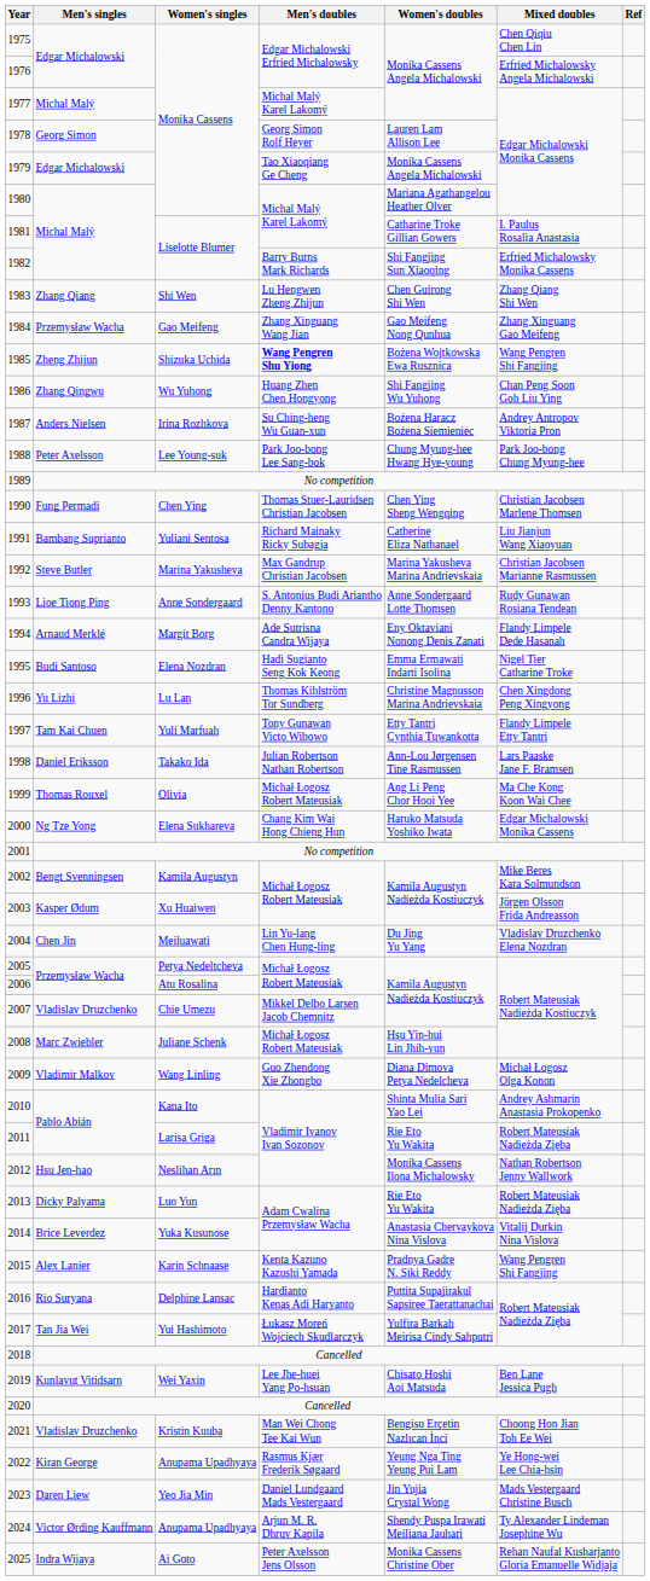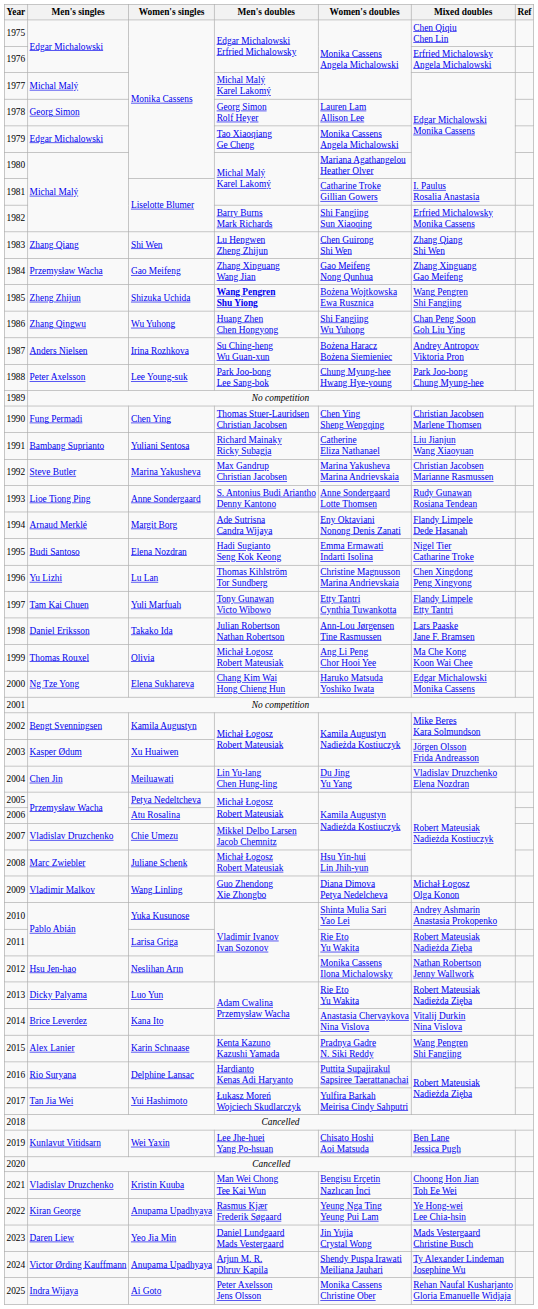 <table class=wikitable style="font-size:90%;">
 <tr>
 <th>Year</th>
 <th>Men's singles</th>
 <th>Women's singles</th>
 <th>Men's doubles</th>
 <th>Women's doubles</th>
 <th>Mixed doubles</th>
 <th>Ref</th>
 </tr>
 <tr>
 <td>1975</td>
 <td rowspan=2> <a href='#'>Edgar Michalowski</a></td>
 <td rowspan=6> <a href='#'>Monika Cassens</a></td>
 <td rowspan=2> <a href='#'>Edgar Michalowski</a><br> <a href='#'>Erfried Michalowsky</a></td>
 <td rowspan=3> <a href='#'>Monika Cassens</a><br> <a href='#'>Angela Michalowski</a></td>
 <td> <a href='#'>Chen Qiqiu</a><br> <a href='#'>Chen Lin</a></td>
 <td></td>
 </tr>
 <tr>
 <td>1976</td>
 <td> <a href='#'>Erfried Michalowsky</a><br> <a href='#'>Angela Michalowski</a></td>
 <td></td>
 </tr>
 <tr>
 <td>1977</td>
 <td> <a href='#'>Michal Malý</a></td>
 <td> <a href='#'>Michal Malý</a><br> <a href='#'>Karel Lakomý</a></td>
 <td rowspan=4> <a href='#'>Edgar Michalowski</a><br> <a href='#'>Monika Cassens</a></td>
 <td></td>
 </tr>
 <tr>
 <td>1978</td>
 <td> <a href='#'>Georg Simon</a></td>
 <td> <a href='#'>Georg Simon</a><br> <a href='#'>Rolf Heyer</a></td>
 <td> <a href='#'>Lauren Lam</a><br> <a href='#'>Allison Lee</a></td>
 <td></td>
 </tr>
 <tr>
 <td>1979</td>
 <td> <a href='#'>Edgar Michalowski</a></td>
 <td> <a href='#'>Tao Xiaoqiang</a><br> <a href='#'>Ge Cheng</a></td>
 <td> <a href='#'>Monika Cassens</a><br> <a href='#'>Angela Michalowski</a></td>
 <td></td>
 </tr>
 <tr>
 <td>1980</td>
 <td rowspan=3> <a href='#'>Michal Malý</a></td>
 <td rowspan=2> <a href='#'>Michal Malý</a><br> <a href='#'>Karel Lakomý</a></td>
 <td> <a href='#'>Mariana Agathangelou</a><br> <a href='#'>Heather Olver</a></td>
 <td></td>
 </tr>
 <tr>
 <td>1981</td>
 <td rowspan=2> <a href='#'>Liselotte Blumer</a></td>
 <td> <a href='#'>Catharine Troke</a><br> <a href='#'>Gillian Gowers</a></td>
 <td> <a href='#'>I. Paulus</a><br> <a href='#'>Rosalia Anastasia</a></td>
 <td></td>
 </tr>
 <tr>
 <td>1982</td>
 <td> <a href='#'>Barry Burns</a><br> <a href='#'>Mark Richards</a></td>
 <td> <a href='#'>Shi Fangjing</a><br> <a href='#'>Sun Xiaoqing</a></td>
 <td> <a href='#'>Erfried Michalowsky</a><br> <a href='#'>Monika Cassens</a></td>
 <td></td>
 </tr>
 <tr>
 <td>1983</td>
 <td> <a href='#'>Zhang Qiang</a></td>
 <td> <a href='#'>Shi Wen</a></td>
 <td> <a href='#'>Lu Hengwen</a><br> <a href='#'>Zheng Zhijun</a></td>
 <td> <a href='#'>Chen Guirong</a><br> <a href='#'>Shi Wen</a></td>
 <td> <a href='#'>Zhang Qiang</a><br> <a href='#'>Shi Wen</a></td>
 <td></td>
 </tr>
 <tr>
 <td>1984</td>
 <td> <a href='#'>Przemysław Wacha</a></td>
 <td> <a href='#'>Gao Meifeng</a></td>
 <td> <a href='#'>Zhang Xinguang</a><br> <a href='#'>Wang Jian</a></td>
 <td> <a href='#'>Gao Meifeng</a><br> <a href='#'>Nong Qunhua</a></td>
 <td> <a href='#'>Zhang Xinguang</a><br> <a href='#'>Gao Meifeng</a></td>
 <td></td>
 </tr>
 <tr>
 <td>1985</td>
 <td> <a href='#'>Zheng Zhijun</a></td>
 <td> <a href='#'>Shizuka Uchida</a></td>
 <td><strong> <a href='#'>Wang Pengren</a><br> <a href='#'>Shu Yiong</a></strong></td>
 <td> <a href='#'>Bożena Wojtkowska</a><br> <a href='#'>Ewa Rusznica</a></td>
 <td> <a href='#'>Wang Pengren</a><br> <a href='#'>Shi Fangjing</a></td>
 <td></td>
 </tr>
 <tr>
 <td>1986</td>
 <td> <a href='#'>Zhang Qingwu</a></td>
 <td> <a href='#'>Wu Yuhong</a></td>
 <td> <a href='#'>Huang Zhen</a><br> <a href='#'>Chen Hongyong</a></td>
 <td> <a href='#'>Shi Fangjing</a><br> <a href='#'>Wu Yuhong</a></td>
 <td> <a href='#'>Chan Peng Soon</a><br> <a href='#'>Goh Liu Ying</a></td>
 <td></td>
 </tr>
 <tr>
 <td>1987</td>
 <td> <a href='#'>Anders Nielsen</a></td>
 <td> <a href='#'>Irina Rozhkova</a></td>
 <td> <a href='#'>Su Ching-heng</a><br> <a href='#'>Wu Guan-xun</a></td>
 <td> <a href='#'>Bożena Haracz</a><br> <a href='#'>Bożena Siemieniec</a></td>
 <td> <a href='#'>Andrey Antropov</a><br> <a href='#'>Viktoria Pron</a></td>
 <td></td>
 </tr>
 <tr>
 <td>1988</td>
 <td> <a href='#'>Peter Axelsson</a></td>
 <td> <a href='#'>Lee Young-suk</a></td>
 <td> <a href='#'>Park Joo-bong</a><br> <a href='#'>Lee Sang-bok</a></td>
 <td> <a href='#'>Chung Myung-hee</a><br> <a href='#'>Hwang Hye-young</a></td>
 <td> <a href='#'>Park Joo-bong</a><br> <a href='#'>Chung Myung-hee</a></td>
 <td></td>
 </tr>
 <tr>
 <td>1989</td>
 <td colspan=6 align=center><em>No competition</em></td>
 </tr>
 <tr>
 <td>1990</td>
 <td> <a href='#'>Fung Permadi</a></td>
 <td> <a href='#'>Chen Ying</a></td>
 <td> <a href='#'>Thomas Stuer-Lauridsen</a><br> <a href='#'>Christian Jacobsen</a></td>
 <td> <a href='#'>Chen Ying</a><br> <a href='#'>Sheng Wengqing</a></td>
 <td> <a href='#'>Christian Jacobsen</a><br> <a href='#'>Marlene Thomsen</a></td>
 <td></td>
 </tr>
 <tr>
 <td>1991</td>
 <td> <a href='#'>Bambang Suprianto</a></td>
 <td> <a href='#'>Yuliani Sentosa</a></td>
 <td> <a href='#'>Richard Mainaky</a><br> <a href='#'>Ricky Subagja</a></td>
 <td> <a href='#'>Catherine</a><br> <a href='#'>Eliza Nathanael</a></td>
 <td> <a href='#'>Liu Jianjun</a><br> <a href='#'>Wang Xiaoyuan</a></td>
 <td></td>
 </tr>
 <tr>
 <td>1992</td>
 <td> <a href='#'>Steve Butler</a></td>
 <td> <a href='#'>Marina Yakusheva</a></td>
 <td> <a href='#'>Max Gandrup</a><br> <a href='#'>Christian Jacobsen</a></td>
 <td> <a href='#'>Marina Yakusheva</a><br> <a href='#'>Marina Andrievskaia</a></td>
 <td><a href='#'>Christian Jacobsen</a><br> <a href='#'>Marianne Rasmussen</a></td>
 <td></td>
 </tr>
 <tr>
 <td>1993</td>
 <td> <a href='#'>Lioe Tiong Ping</a></td>
 <td> <a href='#'>Anne Sondergaard</a></td>
 <td> <a href='#'>S. Antonius Budi Ariantho</a><br> <a href='#'>Denny Kantono</a></td>
 <td> <a href='#'>Anne Sondergaard</a><br> <a href='#'>Lotte Thomsen</a></td>
 <td> <a href='#'>Rudy Gunawan</a><br> <a href='#'>Rosiana Tendean</a></td>
 <td></td>
 </tr>
 <tr>
 <td>1994</td>
 <td> <a href='#'>Arnaud Merklé</a></td>
 <td> <a href='#'>Margit Borg</a></td>
 <td> <a href='#'>Ade Sutrisna</a><br> <a href='#'>Candra Wijaya</a></td>
 <td> <a href='#'>Eny Oktaviani</a><br> <a href='#'>Nonong Denis Zanati</a></td>
 <td> <a href='#'>Flandy Limpele</a><br> <a href='#'>Dede Hasanah</a></td>
 <td></td>
 </tr>
 <tr>
 <td>1995</td>
 <td> <a href='#'>Budi Santoso</a></td>
 <td> <a href='#'>Elena Nozdran</a></td>
 <td> <a href='#'>Hadi Sugianto</a><br> <a href='#'>Seng Kok Keong</a></td>
 <td> <a href='#'>Emma Ermawati</a><br> <a href='#'>Indarti Isolina</a></td>
 <td> <a href='#'>Nigel Tier</a><br> <a href='#'>Catharine Troke</a></td>
 <td></td>
 </tr>
 <tr>
 <td>1996</td>
 <td> <a href='#'>Yu Lizhi</a></td>
 <td> <a href='#'>Lu Lan</a></td>
 <td> <a href='#'>Thomas Kihlström</a><br> <a href='#'>Tor Sundberg</a></td>
 <td> <a href='#'>Christine Magnusson</a><br> <a href='#'>Marina Andrievskaia</a></td>
 <td> <a href='#'>Chen Xingdong</a><br> <a href='#'>Peng Xingyong</a></td>
 <td></td>
 </tr>
 <tr>
 <td>1997</td>
 <td> <a href='#'>Tam Kai Chuen</a></td>
 <td> <a href='#'>Yuli Marfuah</a></td>
 <td> <a href='#'>Tony Gunawan</a><br> <a href='#'>Victo Wibowo</a></td>
 <td> <a href='#'>Etty Tantri</a><br> <a href='#'>Cynthia Tuwankotta</a></td>
 <td> <a href='#'>Flandy Limpele</a><br> <a href='#'>Etty Tantri</a></td>
 <td></td>
 </tr>
 <tr>
 <td>1998</td>
 <td> <a href='#'>Daniel Eriksson</a></td>
 <td> <a href='#'>Takako Ida</a></td>
 <td> <a href='#'>Julian Robertson</a><br> <a href='#'>Nathan Robertson</a></td>
 <td> <a href='#'>Ann-Lou Jørgensen</a><br> <a href='#'>Tine Rasmussen</a></td>
 <td> <a href='#'>Lars Paaske</a><br> <a href='#'>Jane F. Bramsen</a></td>
 <td></td>
 </tr>
 <tr>
 <td>1999</td>
 <td> <a href='#'>Thomas Rouxel</a></td>
 <td> <a href='#'>Olivia</a></td>
 <td> <a href='#'>Michał Łogosz</a><br> <a href='#'>Robert Mateusiak</a></td>
 <td> <a href='#'>Ang Li Peng</a><br> <a href='#'>Chor Hooi Yee</a></td>
 <td> <a href='#'>Ma Che Kong</a><br> <a href='#'>Koon Wai Chee</a></td>
 <td></td>
 </tr>
 <tr>
 <td>2000</td>
 <td> <a href='#'>Ng Tze Yong</a></td>
 <td> <a href='#'>Elena Sukhareva</a></td>
 <td> <a href='#'>Chang Kim Wai</a><br> <a href='#'>Hong Chieng Hun</a></td>
 <td> <a href='#'>Haruko Matsuda</a><br> <a href='#'>Yoshiko Iwata</a></td>
 <td> <a href='#'>Edgar Michalowski</a><br> <a href='#'>Monika Cassens</a></td>
 <td></td>
 </tr>
 <tr>
 <td>2001</td>
 <td colspan=6 align=center><em>No competition</em></td>
 </tr>
 <tr>
 <td>2002</td>
 <td> <a href='#'>Bengt Svenningsen</a></td>
 <td> <a href='#'>Kamila Augustyn</a></td>
 <td rowspan=2> <a href='#'>Michał Łogosz</a><br> <a href='#'>Robert Mateusiak</a></td>
 <td rowspan=2> <a href='#'>Kamila Augustyn</a><br> <a href='#'>Nadieżda Kostiuczyk</a></td>
 <td> <a href='#'>Mike Beres</a><br> <a href='#'>Kara Solmundson</a></td>
 <td></td>
 </tr>
 <tr>
 <td>2003</td>
 <td> <a href='#'>Kasper Ødum</a></td>
 <td> <a href='#'>Xu Huaiwen</a></td>
 <td> <a href='#'>Jörgen Olsson</a><br> <a href='#'>Frida Andreasson</a></td>
 <td></td>
 </tr>
 <tr>
 <td>2004</td>
 <td> <a href='#'>Chen Jin</a></td>
 <td> <a href='#'>Meiluawati</a></td>
 <td> <a href='#'>Lin Yu-lang</a><br> <a href='#'>Chen Hung-ling</a></td>
 <td> <a href='#'>Du Jing</a><br> <a href='#'>Yu Yang</a></td>
 <td> <a href='#'>Vladislav Druzchenko</a><br> <a href='#'>Elena Nozdran</a></td>
 <td></td>
 </tr>
 <tr>
 <td>2005</td>
 <td rowspan=2> <a href='#'>Przemysław Wacha</a></td>
 <td> <a href='#'>Petya Nedeltcheva</a></td>
 <td rowspan=2> <a href='#'>Michał Łogosz</a><br> <a href='#'>Robert Mateusiak</a></td>
 <td rowspan=3> <a href='#'>Kamila Augustyn</a><br> <a href='#'>Nadieżda Kostiuczyk</a></td>
 <td rowspan=4> <a href='#'>Robert Mateusiak</a><br> <a href='#'>Nadieżda Kostiuczyk</a></td>
 <td></td>
 </tr>
 <tr>
 <td>2006</td>
 <td> <a href='#'>Atu Rosalina</a></td>
 <td></td>
 </tr>
 <tr>
 <td>2007</td>
 <td> <a href='#'>Vladislav Druzchenko</a></td>
 <td> <a href='#'>Chie Umezu</a></td>
 <td> <a href='#'>Mikkel Delbo Larsen</a><br> <a href='#'>Jacob Chemnitz</a></td>
 <td></td>
 </tr>
 <tr>
 <td>2008</td>
 <td> <a href='#'>Marc Zwiebler</a></td>
 <td> <a href='#'>Juliane Schenk</a></td>
 <td> <a href='#'>Michał Łogosz</a><br> <a href='#'>Robert Mateusiak</a></td>
 <td> <a href='#'>Hsu Yin-hui</a><br> <a href='#'>Lin Jhih-yun</a></td>
 <td></td>
 </tr>
 <tr>
 <td>2009</td>
 <td> <a href='#'>Vladimir Malkov</a></td>
 <td> <a href='#'>Wang Linling</a></td>
 <td> <a href='#'>Guo Zhendong</a><br> <a href='#'>Xie Zhongbo</a></td>
 <td> <a href='#'>Diana Dimova</a><br> <a href='#'>Petya Nedelcheva</a></td>
 <td> <a href='#'>Michał Łogosz</a><br> <a href='#'>Olga Konon</a></td>
 <td></td>
 </tr>
 <tr>
 <td>2010</td>
 <td rowspan=2> <a href='#'>Pablo Abián</a></td>
-<td> <a href='#'>Kana Ito</a></td>
+<td> <a href='#'>Yuka Kusunose</a></td>
 <td rowspan=3> <a href='#'>Vladimir Ivanov</a><br> <a href='#'>Ivan Sozonov</a></td>
 <td> <a href='#'>Shinta Mulia Sari</a><br> <a href='#'>Yao Lei</a></td>
 <td> <a href='#'>Andrey Ashmarin</a><br> <a href='#'>Anastasia Prokopenko</a></td>
 <td></td>
 </tr>
 <tr>
 <td>2011</td>
 <td> <a href='#'>Larisa Griga</a></td>
 <td> <a href='#'>Rie Eto</a><br> <a href='#'>Yu Wakita</a></td>
 <td> <a href='#'>Robert Mateusiak</a><br> <a href='#'>Nadieżda Zięba</a></td>
 <td></td>
 </tr>
 <tr>
 <td>2012</td>
 <td> <a href='#'>Hsu Jen-hao</a></td>
 <td> <a href='#'>Neslihan Arın</a></td>
 <td> <a href='#'>Monika Cassens</a><br> <a href='#'>Ilona Michalowsky</a></td>
 <td> <a href='#'>Nathan Robertson</a><br> <a href='#'>Jenny Wallwork</a></td>
 <td></td>
 </tr>
 <tr>
 <td>2013</td>
 <td> <a href='#'>Dicky Palyama</a></td>
 <td> <a href='#'>Luo Yun</a></td>
 <td rowspan=2> <a href='#'>Adam Cwalina</a><br> <a href='#'>Przemysław Wacha</a></td>
 <td> <a href='#'>Rie Eto</a><br> <a href='#'>Yu Wakita</a></td>
 <td> <a href='#'>Robert Mateusiak</a><br> <a href='#'>Nadieżda Zięba</a></td>
 <td></td>
 </tr>
 <tr>
 <td>2014</td>
 <td> <a href='#'>Brice Leverdez</a></td>
-<td> <a href='#'>Yuka Kusunose</a></td>
+<td> <a href='#'>Kana Ito</a></td>
 <td> <a href='#'>Anastasia Chervaykova</a><br> <a href='#'>Nina Vislova</a></td>
 <td> <a href='#'>Vitalij Durkin</a><br> <a href='#'>Nina Vislova</a></td>
 <td></td>
 </tr>
 <tr>
 <td>2015</td>
 <td> <a href='#'>Alex Lanier</a></td>
 <td> <a href='#'>Karin Schnaase</a></td>
 <td> <a href='#'>Kenta Kazuno</a><br> <a href='#'>Kazushi Yamada</a></td>
 <td> <a href='#'>Pradnya Gadre</a><br> <a href='#'>N. Siki Reddy</a></td>
 <td> <a href='#'>Wang Pengren</a><br> <a href='#'>Shi Fangjing</a></td>
 <td></td>
 </tr>
 <tr>
 <td>2016</td>
 <td> <a href='#'>Rio Suryana</a></td>
 <td> <a href='#'>Delphine Lansac</a></td>
 <td> <a href='#'>Hardianto</a><br> <a href='#'>Kenas Adi Haryanto</a></td>
 <td> <a href='#'>Puttita Supajirakul</a><br> <a href='#'>Sapsiree Taerattanachai</a></td>
 <td rowspan=2> <a href='#'>Robert Mateusiak</a><br> <a href='#'>Nadieżda Zięba</a></td>
 <td></td>
 </tr>
 <tr>
 <td>2017</td>
 <td> <a href='#'>Tan Jia Wei</a></td>
 <td> <a href='#'>Yui Hashimoto</a></td>
 <td> <a href='#'>Łukasz Moreń</a><br> <a href='#'>Wojciech Skudlarczyk</a></td>
 <td> <a href='#'>Yulfira Barkah</a><br> <a href='#'>Meirisa Cindy Sahputri</a></td>
 <td></td>
 </tr>
 <tr>
 <td>2018</td>
 <td colspan=6 align=center><em>Cancelled</em></td>
 </tr>
 <tr>
 <td>2019</td>
 <td> <a href='#'>Kunlavut Vitidsarn</a></td>
 <td> <a href='#'>Wei Yaxin</a></td>
 <td> <a href='#'>Lee Jhe-huei</a><br> <a href='#'>Yang Po-hsuan</a></td>
 <td> <a href='#'>Chisato Hoshi</a><br> <a href='#'>Aoi Matsuda</a></td>
 <td> <a href='#'>Ben Lane</a><br> <a href='#'>Jessica Pugh</a></td>
 <td></td>
 </tr>
 <tr>
 <td>2020</td>
 <td colspan="5" align="center"><em>Cancelled</em></td>
 <td></td>
 </tr>
 <tr>
 <td>2021</td>
 <td> <a href='#'>Vladislav Druzchenko</a></td>
 <td> <a href='#'>Kristin Kuuba</a></td>
 <td> <a href='#'>Man Wei Chong</a><br> <a href='#'>Tee Kai Wun</a></td>
 <td> <a href='#'>Bengisu Erçetin</a><br> <a href='#'>Nazlıcan İnci</a></td>
 <td> <a href='#'>Choong Hon Jian</a><br> <a href='#'>Toh Ee Wei</a></td>
 <td></td>
 </tr>
 <tr>
 <td>2022</td>
 <td> <a href='#'>Kiran George</a></td>
 <td> <a href='#'>Anupama Upadhyaya</a></td>
 <td> <a href='#'>Rasmus Kjær</a><br> <a href='#'>Frederik Søgaard</a></td>
 <td> <a href='#'>Yeung Nga Ting</a><br> <a href='#'>Yeung Pui Lam</a></td>
 <td> <a href='#'>Ye Hong-wei</a><br> <a href='#'>Lee Chia-hsin</a></td>
 <td></td>
 </tr>
 <tr>
 <td>2023</td>
 <td> <a href='#'>Daren Liew</a></td>
 <td> <a href='#'>Yeo Jia Min</a></td>
 <td> <a href='#'>Daniel Lundgaard</a><br> <a href='#'>Mads Vestergaard</a></td>
 <td> <a href='#'>Jin Yujia</a><br> <a href='#'>Crystal Wong</a></td>
 <td> <a href='#'>Mads Vestergaard</a><br> <a href='#'>Christine Busch</a></td>
 <td></td>
 </tr>
 <tr>
 <td>2024</td>
 <td> <a href='#'>Victor Ørding Kauffmann</a></td>
 <td> <a href='#'>Anupama Upadhyaya</a></td>
 <td> <a href='#'>Arjun M. R.</a><br> <a href='#'>Dhruv Kapila</a></td>
 <td> <a href='#'>Shendy Puspa Irawati</a><br> <a href='#'>Meiliana Jauhari</a></td>
 <td> <a href='#'>Ty Alexander Lindeman</a><br> <a href='#'>Josephine Wu</a></td>
 <td></td>
 </tr>
 <tr>
 <td>2025</td>
 <td> <a href='#'>Indra Wijaya</a></td>
 <td> <a href='#'>Ai Goto</a></td>
 <td> <a href='#'>Peter Axelsson</a><br> <a href='#'>Jens Olsson</a></td>
 <td> <a href='#'>Monika Cassens</a><br> <a href='#'>Christine Ober</a></td>
 <td> <a href='#'>Rehan Naufal Kusharjanto</a><br> <a href='#'>Gloria Emanuelle Widjaja</a></td>
 <td></td>
 </tr>
 </table>
